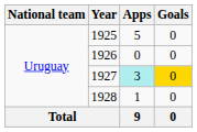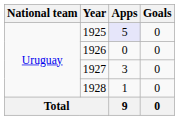 <table class="wikitable" style="text-align:center">
 <tr>
 <th>National team</th>
 <th>Year</th>
 <th>Apps</th>
 <th>Goals</th>
 </tr>
 <tr>
 <td rowspan=4><a href='#'>Uruguay</a></td>
 <td>1925</td>
-<td>5</td>
+<td style="background: lavender;">5</td>
 <td>0</td>
 </tr>
 <tr>
 <td>1926</td>
 <td>0</td>
 <td>0</td>
 </tr>
 <tr>
 <td>1927</td>
-<td style="background: paleturquoise;">3</td>
-<td style="background: gold;">0</td>
+<td>3</td>
+<td>0</td>
 </tr>
 <tr>
 <td>1928</td>
 <td>1</td>
 <td>0</td>
 </tr>
 <tr>
 <th colspan=2>Total</th>
 <th>9</th>
 <th>0</th>
 </tr>
 </table>
